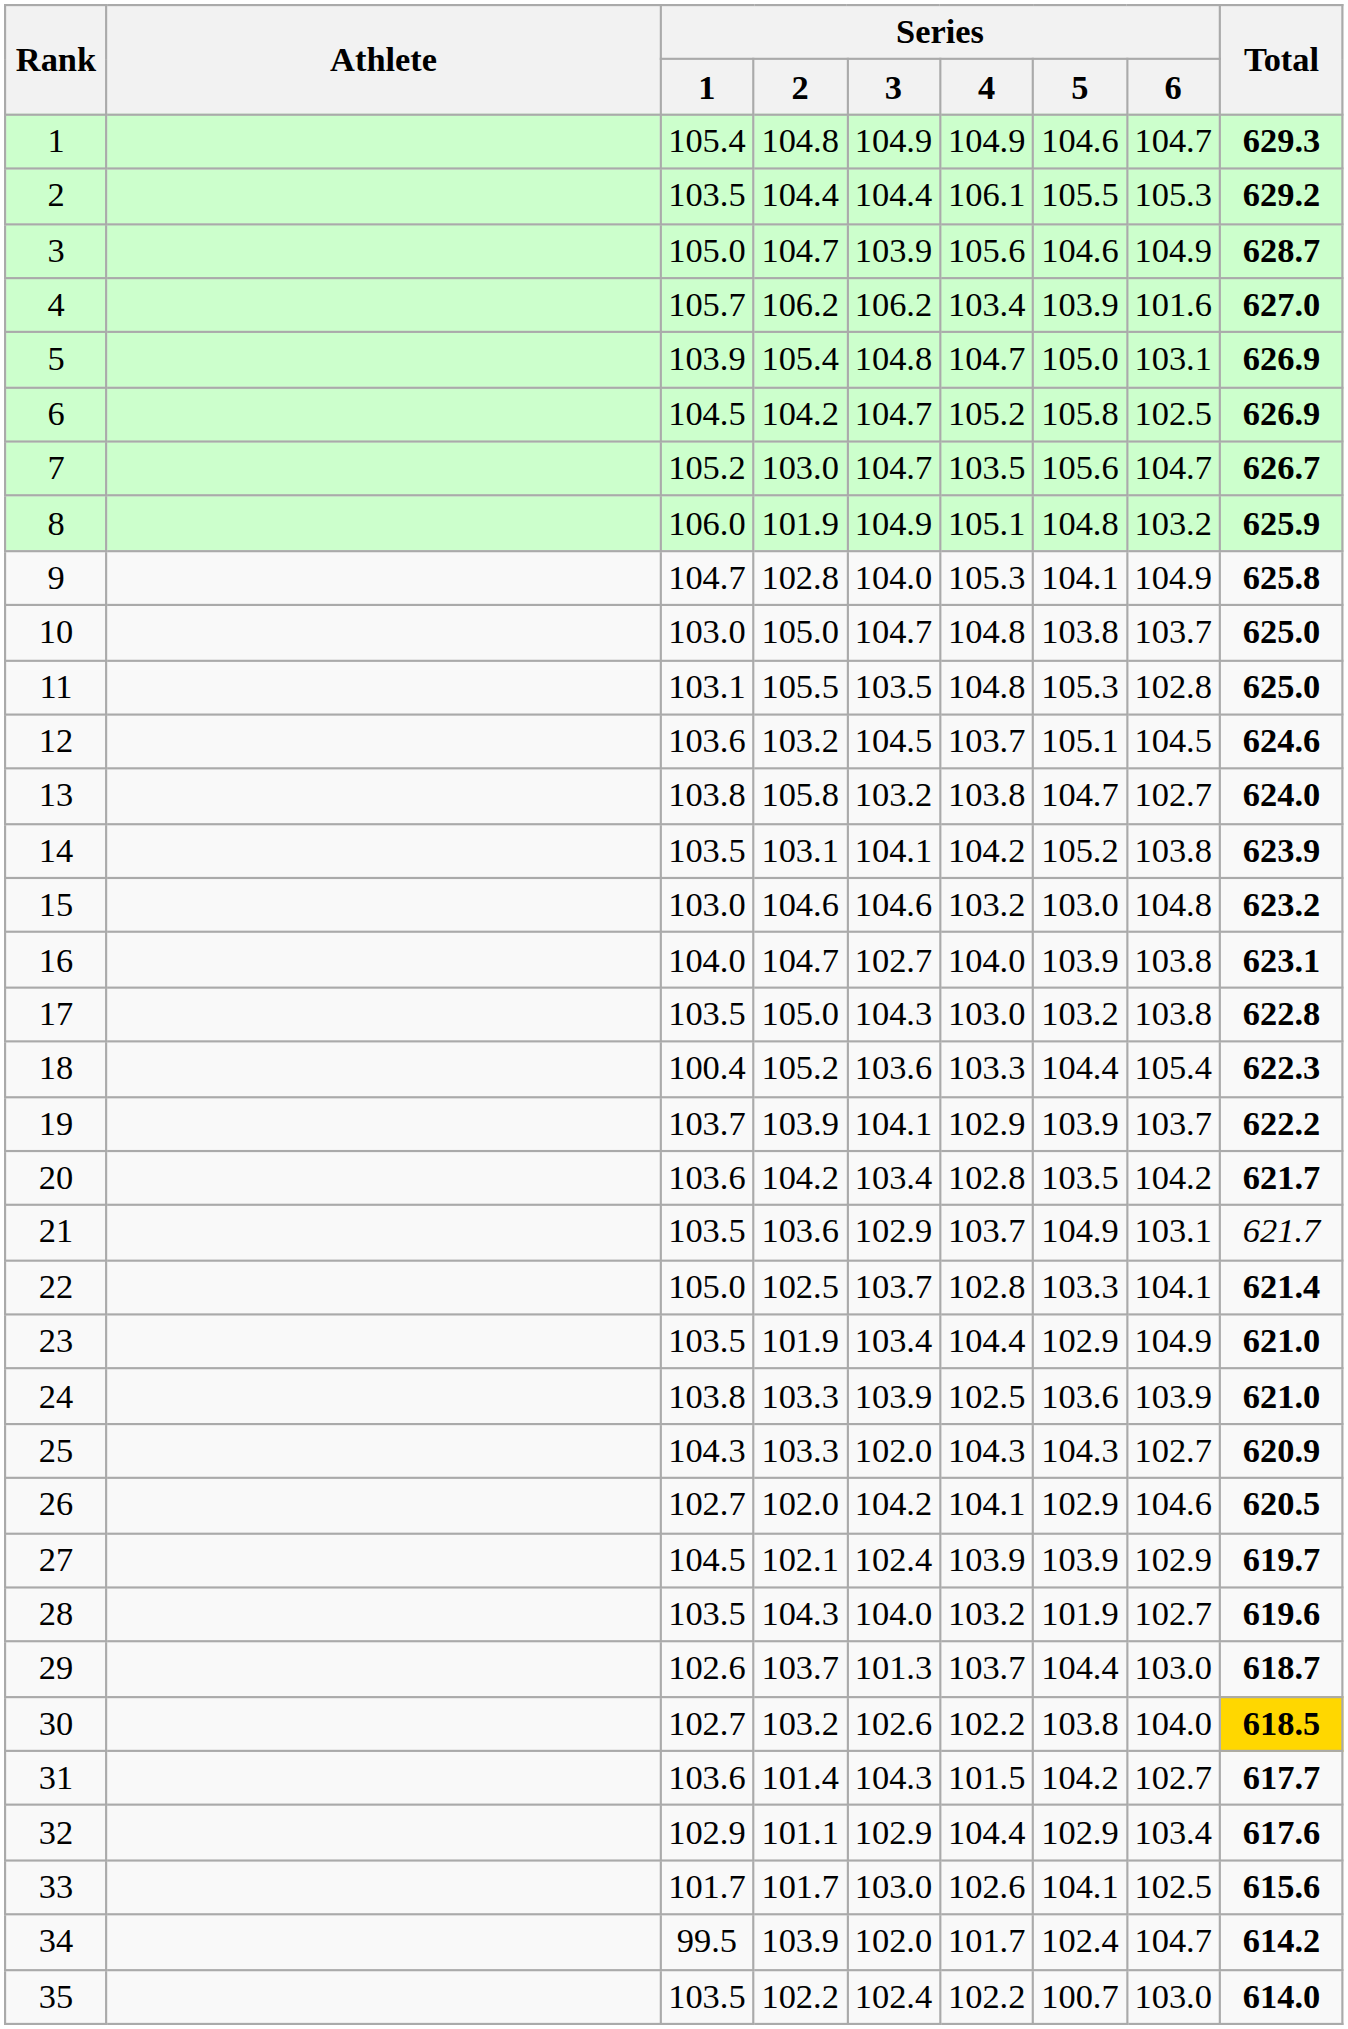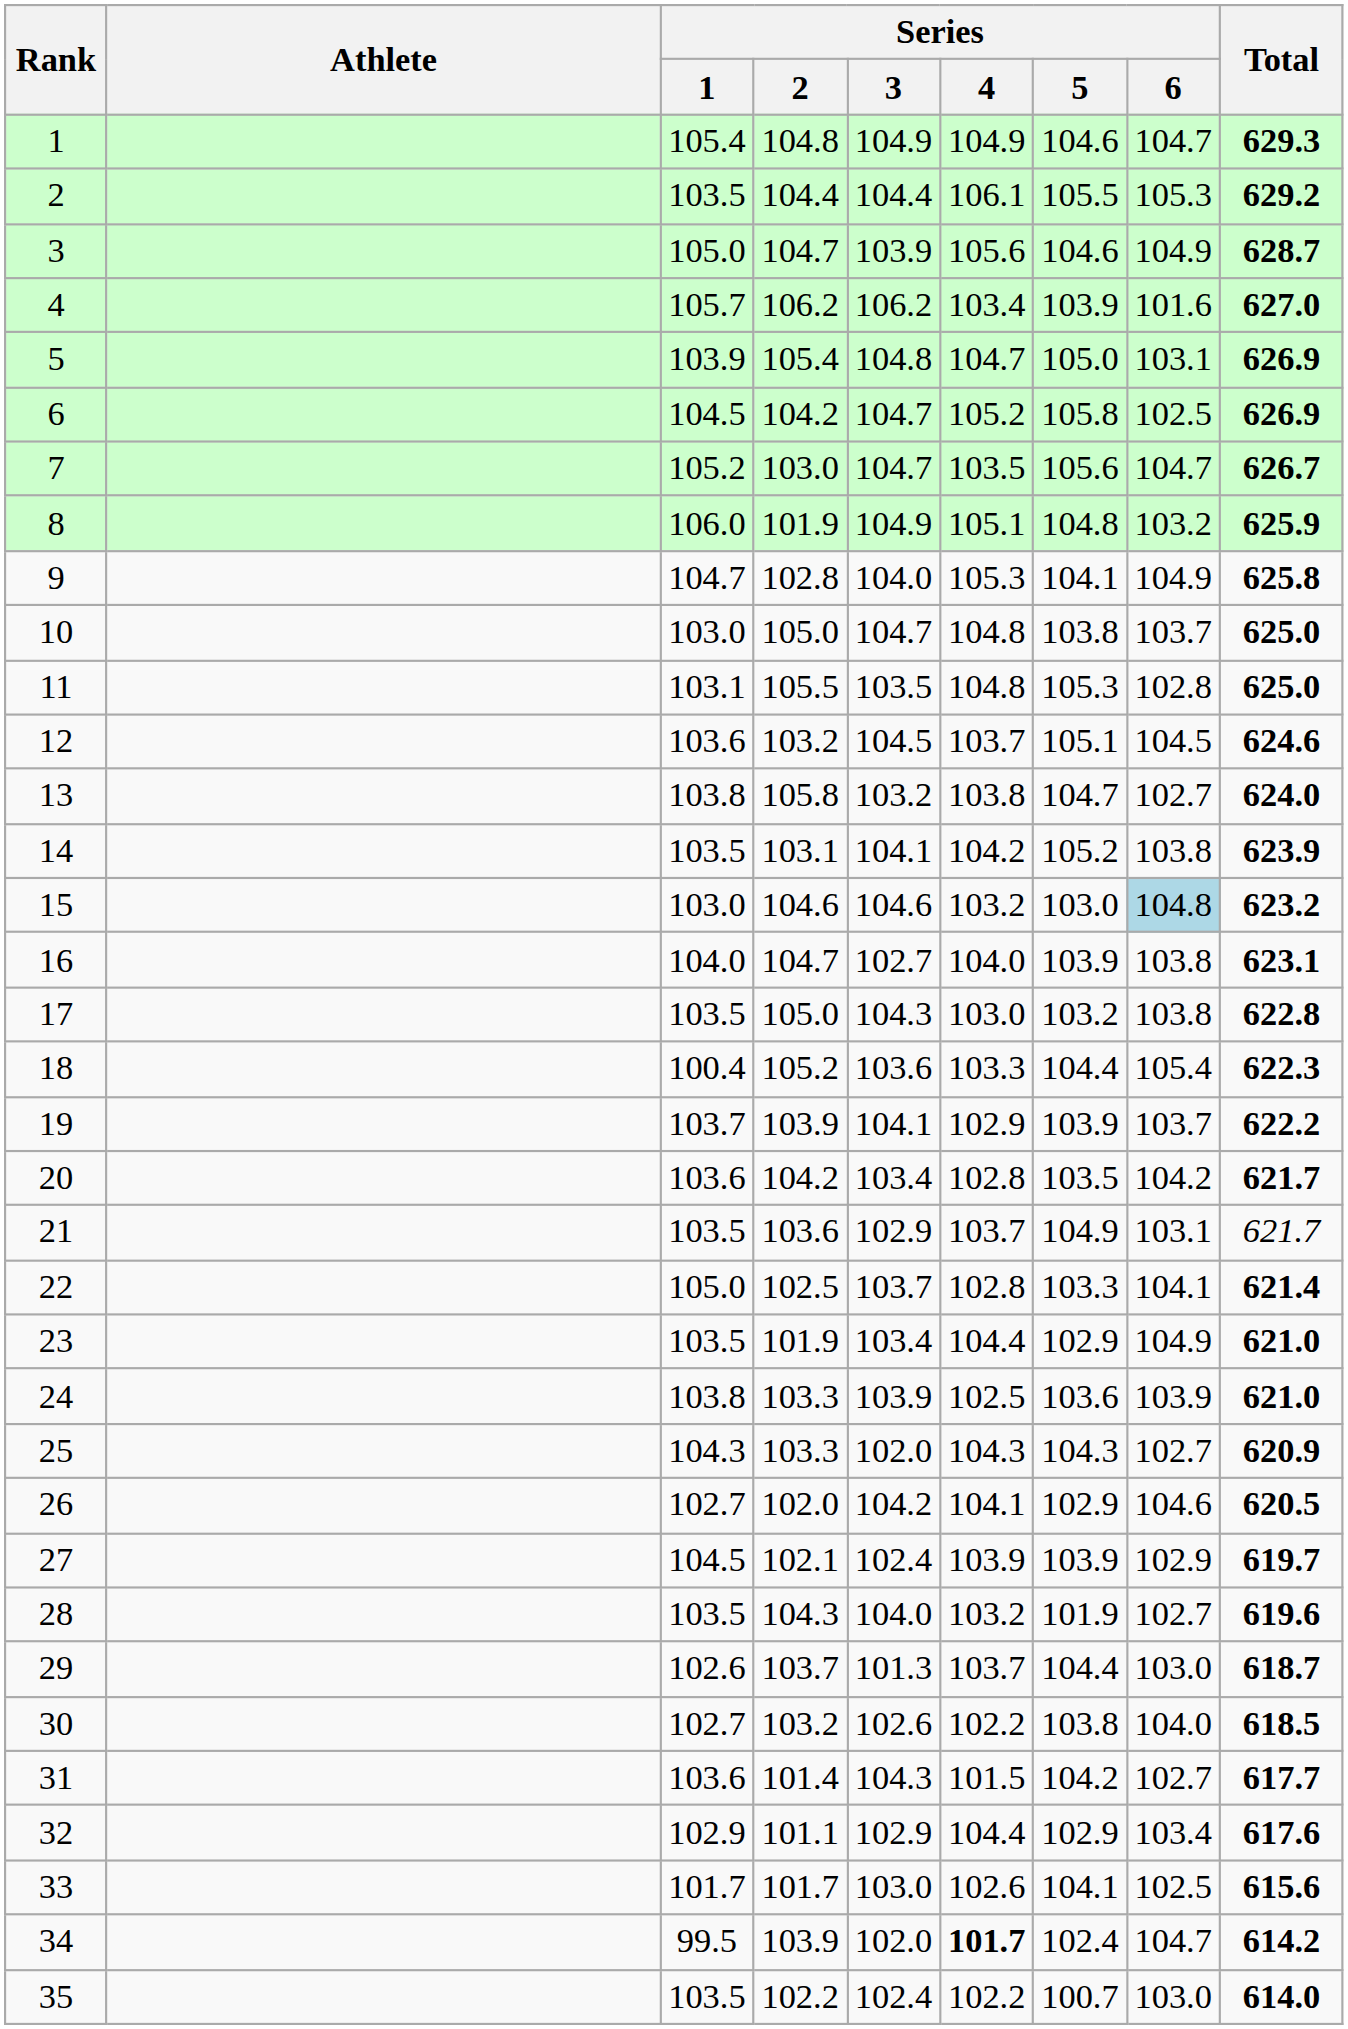 <table class="wikitable" style="text-align:center">
 <tr>
 <th rowspan=2 width=40>Rank</th>
 <th rowspan=2 width=250>Athlete</th>
 <th colspan=6>Series</th>
 <th rowspan=2 width=50>Total</th>
 </tr>
 <tr>
 <th width=30>1</th>
 <th width=30>2</th>
 <th width=30>3</th>
 <th width=30>4</th>
 <th width=30>5</th>
 <th width=30>6</th>
 </tr>
 <tr bgcolor=ccffcc>
 <td>1</td>
 <td align=left></td>
 <td>105.4</td>
 <td>104.8</td>
 <td>104.9</td>
 <td>104.9</td>
 <td>104.6</td>
 <td>104.7</td>
 <td><strong>629.3</strong></td>
 </tr>
 <tr bgcolor=ccffcc>
 <td>2</td>
 <td align=left></td>
 <td>103.5</td>
 <td>104.4</td>
 <td>104.4</td>
 <td>106.1</td>
 <td>105.5</td>
 <td>105.3</td>
 <td><strong>629.2</strong></td>
 </tr>
 <tr bgcolor=ccffcc>
 <td>3</td>
 <td align=left></td>
 <td>105.0</td>
 <td>104.7</td>
 <td>103.9</td>
 <td>105.6</td>
 <td>104.6</td>
 <td>104.9</td>
 <td><strong>628.7</strong></td>
 </tr>
 <tr bgcolor=ccffcc>
 <td>4</td>
 <td align=left></td>
 <td>105.7</td>
 <td>106.2</td>
 <td>106.2</td>
 <td>103.4</td>
 <td>103.9</td>
 <td>101.6</td>
 <td><strong>627.0</strong></td>
 </tr>
 <tr bgcolor=ccffcc>
 <td>5</td>
 <td align=left></td>
 <td>103.9</td>
 <td>105.4</td>
 <td>104.8</td>
 <td>104.7</td>
 <td>105.0</td>
 <td>103.1</td>
 <td><strong>626.9</strong></td>
 </tr>
 <tr bgcolor=ccffcc>
 <td>6</td>
 <td align=left></td>
 <td>104.5</td>
 <td>104.2</td>
 <td>104.7</td>
 <td>105.2</td>
 <td>105.8</td>
 <td>102.5</td>
 <td><strong>626.9</strong></td>
 </tr>
 <tr bgcolor=ccffcc>
 <td>7</td>
 <td align=left></td>
 <td>105.2</td>
 <td>103.0</td>
 <td>104.7</td>
 <td>103.5</td>
 <td>105.6</td>
 <td>104.7</td>
 <td><strong>626.7</strong></td>
 </tr>
 <tr bgcolor=ccffcc>
 <td>8</td>
 <td align=left></td>
 <td>106.0</td>
 <td>101.9</td>
 <td>104.9</td>
 <td>105.1</td>
 <td>104.8</td>
 <td>103.2</td>
 <td><strong>625.9</strong></td>
 </tr>
 <tr>
 <td>9</td>
 <td align=left></td>
 <td>104.7</td>
 <td>102.8</td>
 <td>104.0</td>
 <td>105.3</td>
 <td>104.1</td>
 <td>104.9</td>
 <td><strong>625.8</strong></td>
 </tr>
 <tr>
 <td>10</td>
 <td align=left></td>
 <td>103.0</td>
 <td>105.0</td>
 <td>104.7</td>
 <td>104.8</td>
 <td>103.8</td>
 <td>103.7</td>
 <td><strong>625.0</strong></td>
 </tr>
 <tr>
 <td>11</td>
 <td align=left></td>
 <td>103.1</td>
 <td>105.5</td>
 <td>103.5</td>
 <td>104.8</td>
 <td>105.3</td>
 <td>102.8</td>
 <td><strong>625.0</strong></td>
 </tr>
 <tr>
 <td>12</td>
 <td align=left></td>
 <td>103.6</td>
 <td>103.2</td>
 <td>104.5</td>
 <td>103.7</td>
 <td>105.1</td>
 <td>104.5</td>
 <td><strong>624.6</strong></td>
 </tr>
 <tr>
 <td>13</td>
 <td align=left></td>
 <td>103.8</td>
 <td>105.8</td>
 <td>103.2</td>
 <td>103.8</td>
 <td>104.7</td>
 <td>102.7</td>
 <td><strong>624.0</strong></td>
 </tr>
 <tr>
 <td>14</td>
 <td align=left></td>
 <td>103.5</td>
 <td>103.1</td>
 <td>104.1</td>
 <td>104.2</td>
 <td>105.2</td>
 <td>103.8</td>
 <td><strong>623.9</strong></td>
 </tr>
 <tr>
 <td>15</td>
 <td align=left></td>
 <td>103.0</td>
 <td>104.6</td>
 <td>104.6</td>
 <td>103.2</td>
 <td>103.0</td>
-<td>104.8</td>
+<td style="background: lightblue;">104.8</td>
 <td><strong>623.2</strong></td>
 </tr>
 <tr>
 <td>16</td>
 <td align=left></td>
 <td>104.0</td>
 <td>104.7</td>
 <td>102.7</td>
 <td>104.0</td>
 <td>103.9</td>
 <td>103.8</td>
 <td><strong>623.1</strong></td>
 </tr>
 <tr>
 <td>17</td>
 <td align=left></td>
 <td>103.5</td>
 <td>105.0</td>
 <td>104.3</td>
 <td>103.0</td>
 <td>103.2</td>
 <td>103.8</td>
 <td><strong>622.8</strong></td>
 </tr>
 <tr>
 <td>18</td>
 <td align=left></td>
 <td>100.4</td>
 <td>105.2</td>
 <td>103.6</td>
 <td>103.3</td>
 <td>104.4</td>
 <td>105.4</td>
 <td><strong>622.3</strong></td>
 </tr>
 <tr>
 <td>19</td>
 <td align=left></td>
 <td>103.7</td>
 <td>103.9</td>
 <td>104.1</td>
 <td>102.9</td>
 <td>103.9</td>
 <td>103.7</td>
 <td><strong>622.2</strong></td>
 </tr>
 <tr>
 <td>20</td>
 <td align=left></td>
 <td>103.6</td>
 <td>104.2</td>
 <td>103.4</td>
 <td>102.8</td>
 <td>103.5</td>
 <td>104.2</td>
 <td><strong>621.7</strong></td>
 </tr>
 <tr>
 <td>21</td>
 <td align=left></td>
 <td>103.5</td>
 <td>103.6</td>
 <td>102.9</td>
 <td>103.7</td>
 <td>104.9</td>
 <td>103.1</td>
 <td><em>621.7</em></td>
 </tr>
 <tr>
 <td>22</td>
 <td align=left></td>
 <td>105.0</td>
 <td>102.5</td>
 <td>103.7</td>
 <td>102.8</td>
 <td>103.3</td>
 <td>104.1</td>
 <td><strong>621.4</strong></td>
 </tr>
 <tr>
 <td>23</td>
 <td align=left></td>
 <td>103.5</td>
 <td>101.9</td>
 <td>103.4</td>
 <td>104.4</td>
 <td>102.9</td>
 <td>104.9</td>
 <td><strong>621.0</strong></td>
 </tr>
 <tr>
 <td>24</td>
 <td align=left></td>
 <td>103.8</td>
 <td>103.3</td>
 <td>103.9</td>
 <td>102.5</td>
 <td>103.6</td>
 <td>103.9</td>
 <td><strong>621.0</strong></td>
 </tr>
 <tr>
 <td>25</td>
 <td align=left></td>
 <td>104.3</td>
 <td>103.3</td>
 <td>102.0</td>
 <td>104.3</td>
 <td>104.3</td>
 <td>102.7</td>
 <td><strong>620.9</strong></td>
 </tr>
 <tr>
 <td>26</td>
 <td align=left></td>
 <td>102.7</td>
 <td>102.0</td>
 <td>104.2</td>
 <td>104.1</td>
 <td>102.9</td>
 <td>104.6</td>
 <td><strong>620.5</strong></td>
 </tr>
 <tr>
 <td>27</td>
 <td align=left></td>
 <td>104.5</td>
 <td>102.1</td>
 <td>102.4</td>
 <td>103.9</td>
 <td>103.9</td>
 <td>102.9</td>
 <td><strong>619.7</strong></td>
 </tr>
 <tr>
 <td>28</td>
 <td align=left></td>
 <td>103.5</td>
 <td>104.3</td>
 <td>104.0</td>
 <td>103.2</td>
 <td>101.9</td>
 <td>102.7</td>
 <td><strong>619.6</strong></td>
 </tr>
 <tr>
 <td>29</td>
 <td align=left></td>
 <td>102.6</td>
 <td>103.7</td>
 <td>101.3</td>
 <td>103.7</td>
 <td>104.4</td>
 <td>103.0</td>
 <td><strong>618.7</strong></td>
 </tr>
 <tr>
 <td>30</td>
 <td align=left></td>
 <td>102.7</td>
 <td>103.2</td>
 <td>102.6</td>
 <td>102.2</td>
 <td>103.8</td>
 <td>104.0</td>
-<td style="background: gold;"><strong>618.5</strong></td>
+<td><strong>618.5</strong></td>
 </tr>
 <tr>
 <td>31</td>
 <td align=left></td>
 <td>103.6</td>
 <td>101.4</td>
 <td>104.3</td>
 <td>101.5</td>
 <td>104.2</td>
 <td>102.7</td>
 <td><strong>617.7</strong></td>
 </tr>
 <tr>
 <td>32</td>
 <td align=left></td>
 <td>102.9</td>
 <td>101.1</td>
 <td>102.9</td>
 <td>104.4</td>
 <td>102.9</td>
 <td>103.4</td>
 <td><strong>617.6</strong></td>
 </tr>
 <tr>
 <td>33</td>
 <td align=left></td>
 <td>101.7</td>
 <td>101.7</td>
 <td>103.0</td>
 <td>102.6</td>
 <td>104.1</td>
 <td>102.5</td>
 <td><strong>615.6</strong></td>
 </tr>
 <tr>
 <td>34</td>
 <td align=left></td>
 <td>99.5</td>
 <td>103.9</td>
 <td>102.0</td>
-<td>101.7</td>
+<td><strong>101.7</strong></td>
 <td>102.4</td>
 <td>104.7</td>
 <td><strong>614.2</strong></td>
 </tr>
 <tr>
 <td>35</td>
 <td align=left></td>
 <td>103.5</td>
 <td>102.2</td>
 <td>102.4</td>
 <td>102.2</td>
 <td>100.7</td>
 <td>103.0</td>
 <td><strong>614.0</strong></td>
 </tr>
 </table>
